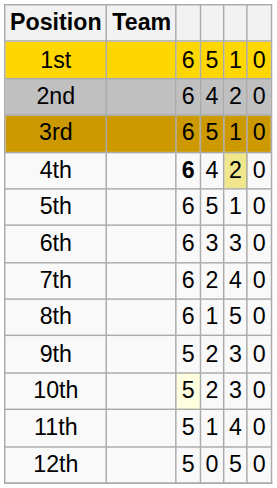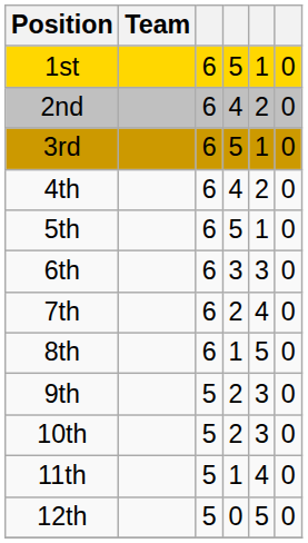 <table class="wikitable" style="text-align: center;">
 <tr>
 <th>Position</th>
 <th>Team</th>
 <th></th>
 <th></th>
 <th></th>
 <th></th>
 </tr>
 <tr bgcolor="gold">
 <td>1st</td>
 <td align=left></td>
 <td>6</td>
 <td>5</td>
 <td>1</td>
 <td>0</td>
 </tr>
 <tr bgcolor="silver">
 <td>2nd</td>
 <td align=left></td>
 <td>6</td>
 <td>4</td>
 <td>2</td>
 <td>0</td>
 </tr>
 <tr bgcolor="cc9900">
 <td>3rd</td>
 <td align=left></td>
 <td>6</td>
 <td>5</td>
 <td>1</td>
 <td>0</td>
 </tr>
 <tr>
 <td>4th</td>
 <td align=left></td>
-<td><strong>6</strong></td>
+<td>6</td>
 <td>4</td>
-<td style="background: khaki;">2</td>
+<td>2</td>
 <td>0</td>
 </tr>
 <tr>
 <td>5th</td>
 <td align=left></td>
 <td>6</td>
 <td>5</td>
 <td>1</td>
 <td>0</td>
 </tr>
 <tr>
 <td>6th</td>
 <td align=left></td>
 <td>6</td>
 <td>3</td>
 <td>3</td>
 <td>0</td>
 </tr>
 <tr>
 <td>7th</td>
 <td align=left></td>
 <td>6</td>
 <td>2</td>
 <td>4</td>
 <td>0</td>
 </tr>
 <tr>
 <td>8th</td>
 <td align=left></td>
 <td>6</td>
 <td>1</td>
 <td>5</td>
 <td>0</td>
 </tr>
 <tr>
 <td>9th</td>
 <td align=left></td>
 <td>5</td>
 <td>2</td>
 <td>3</td>
 <td>0</td>
 </tr>
 <tr>
 <td>10th</td>
 <td align=left></td>
-<td style="background: lightyellow;">5</td>
+<td>5</td>
 <td>2</td>
 <td>3</td>
 <td>0</td>
 </tr>
 <tr>
 <td>11th</td>
 <td align=left></td>
 <td>5</td>
 <td>1</td>
 <td>4</td>
 <td>0</td>
 </tr>
 <tr>
 <td>12th</td>
 <td align=left></td>
 <td>5</td>
 <td>0</td>
 <td>5</td>
 <td>0</td>
 </tr>
 <tr>
 </tr>
 </table>
